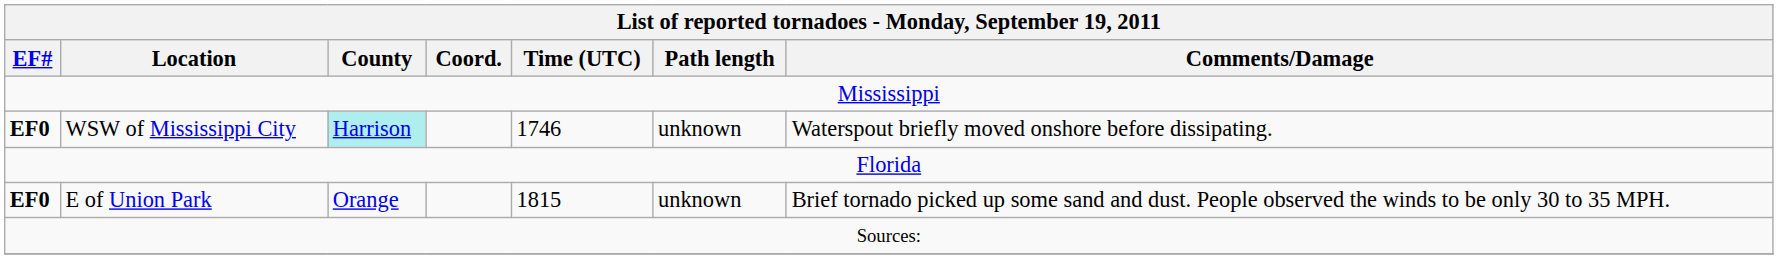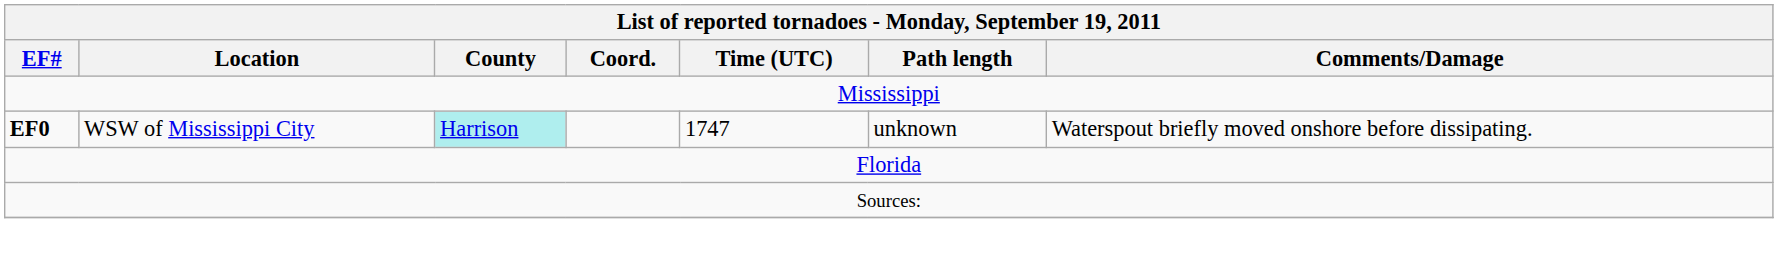 <table class="wikitable collapsible" width="100%">
 <tr>
 <th colspan="7">List of reported tornadoes - Monday, September 19, 2011</th>
 </tr>
 <tr>
 <th><a href='#'>EF#</a></th>
 <th>Location</th>
 <th>County</th>
 <th>Coord.</th>
 <th>Time (UTC)</th>
 <th>Path length</th>
 <th>Comments/Damage</th>
 </tr>
 <tr>
 <td colspan="7" align=center><a href='#'>Mississippi</a></td>
 </tr>
 <tr>
 <td><strong>EF0</strong></td>
 <td>WSW of <a href='#'>Mississippi City</a></td>
 <td style="background: paleturquoise;"><a href='#'>Harrison</a></td>
 <td></td>
-<td>1746</td>
+<td>1747</td>
 <td>unknown</td>
 <td>Waterspout briefly moved onshore before dissipating.</td>
 </tr>
 <tr>
 <td colspan="7" align=center><a href='#'>Florida</a></td>
 </tr>
 <tr>
-<td><strong>EF0</strong></td>
-<td>E of <a href='#'>Union Park</a></td>
-<td><a href='#'>Orange</a></td>
-<td></td>
-<td>1815</td>
-<td>unknown</td>
-<td>Brief tornado picked up some sand and dust. People observed the winds to be only 30 to 35 MPH.</td>
-</tr>
-<tr>
 <td colspan="7" align=center><small>Sources: </small></td>
 </tr>
 <tr>
 </tr>
 </table>
